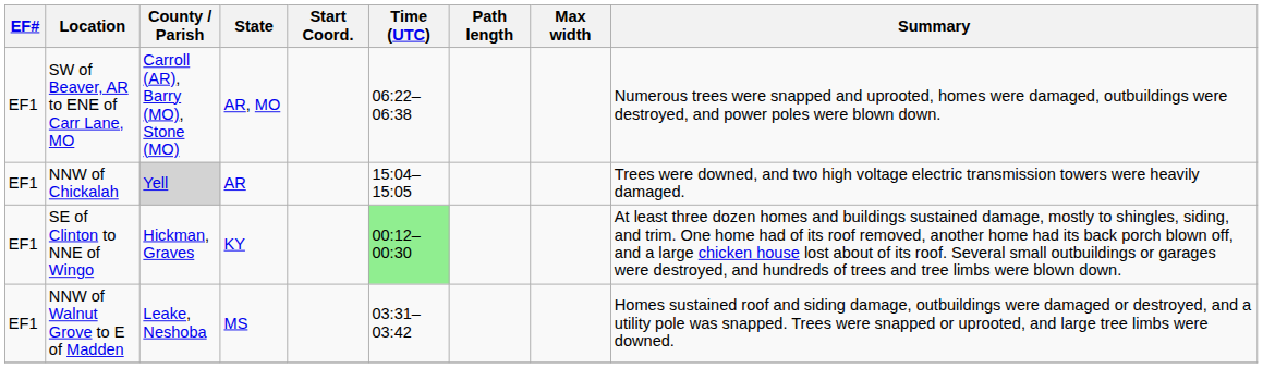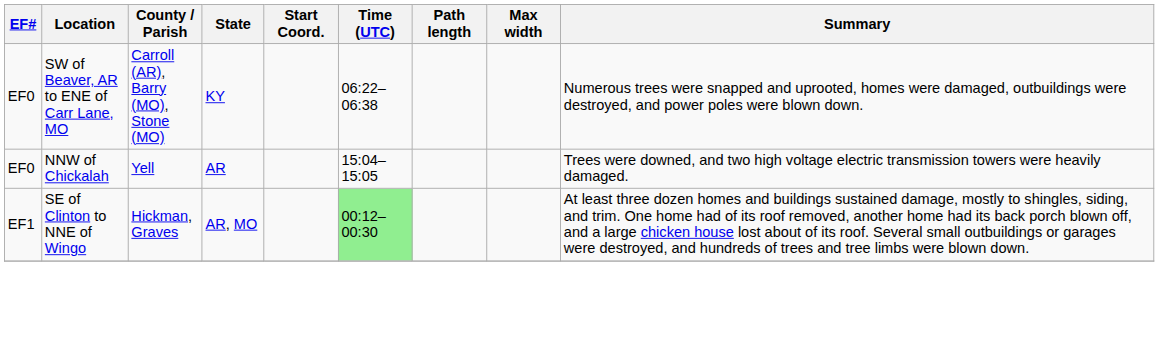 <table class="wikitable sortable" style="width:100%;">
 <tr>
 <th scope="col"  style="width:3%; text-align:center;"><a href='#'>EF#</a></th>
 <th scope="col"  style="width:7%; text-align:center;" class="unsortable">Location</th>
 <th scope="col"  style="width:6%; text-align:center;" class="unsortable">County / Parish</th>
 <th scope="col"  style="width:5%; text-align:center;">State</th>
 <th scope="col"  style="width:6%; text-align:center;">Start Coord.</th>
 <th scope="col"  style="width:6%; text-align:center;">Time (<a href='#'>UTC</a>)</th>
 <th scope="col"  style="width:6%; text-align:center;">Path length</th>
 <th scope="col"  style="width:6%; text-align:center;">Max width</th>
 <th scope="col" class="unsortable" style="width:48%; text-align:center;">Summary</th>
 </tr>
 <tr>
-<td>EF1</td>
+<td>EF0</td>
 <td>SW of <a href='#'>Beaver, AR</a> to ENE of <a href='#'>Carr Lane, MO</a></td>
 <td><a href='#'>Carroll (AR)</a>, <a href='#'>Barry (MO)</a>, <a href='#'>Stone (MO)</a></td>
-<td><a href='#'>AR</a>, <a href='#'>MO</a></td>
+<td><a href='#'>KY</a></td>
 <td></td>
 <td>06:22–06:38</td>
 <td></td>
 <td></td>
 <td>Numerous trees were snapped and uprooted, homes were damaged, outbuildings were destroyed, and power poles were blown down.<br></td>
 </tr>
 <tr>
-<td>EF1</td>
+<td>EF0</td>
 <td>NNW of <a href='#'>Chickalah</a></td>
-<td style="background: lightgrey;"><a href='#'>Yell</a></td>
+<td><a href='#'>Yell</a></td>
 <td><a href='#'>AR</a></td>
 <td></td>
 <td>15:04–15:05</td>
 <td></td>
 <td></td>
 <td>Trees were downed, and two high voltage electric transmission towers were heavily damaged.</td>
 </tr>
 <tr>
 <td>EF1</td>
 <td>SE of <a href='#'>Clinton</a> to NNE of <a href='#'>Wingo</a></td>
 <td><a href='#'>Hickman</a>, <a href='#'>Graves</a></td>
-<td><a href='#'>KY</a></td>
+<td><a href='#'>AR</a>, <a href='#'>MO</a></td>
 <td></td>
 <td style="background: lightgreen;">00:12–00:30</td>
 <td></td>
 <td></td>
 <td>At least three dozen homes and buildings sustained damage, mostly to shingles, siding, and trim. One home had  of its roof removed, another home had its back porch blown off, and a large <a href='#'>chicken house</a> lost about  of its roof. Several small outbuildings or garages were destroyed, and hundreds of trees and tree limbs were blown down.</td>
 </tr>
 <tr>
-<td>EF1</td>
-<td>NNW of <a href='#'>Walnut Grove</a> to E of <a href='#'>Madden</a></td>
-<td><a href='#'>Leake</a>, <a href='#'>Neshoba</a></td>
-<td><a href='#'>MS</a></td>
-<td></td>
-<td>03:31–03:42</td>
-<td></td>
-<td></td>
-<td>Homes sustained roof and siding damage, outbuildings were damaged or destroyed, and a utility pole was snapped. Trees were snapped or uprooted, and large tree limbs were downed.</td>
-</tr>
-<tr>
 </tr>
 </table>
